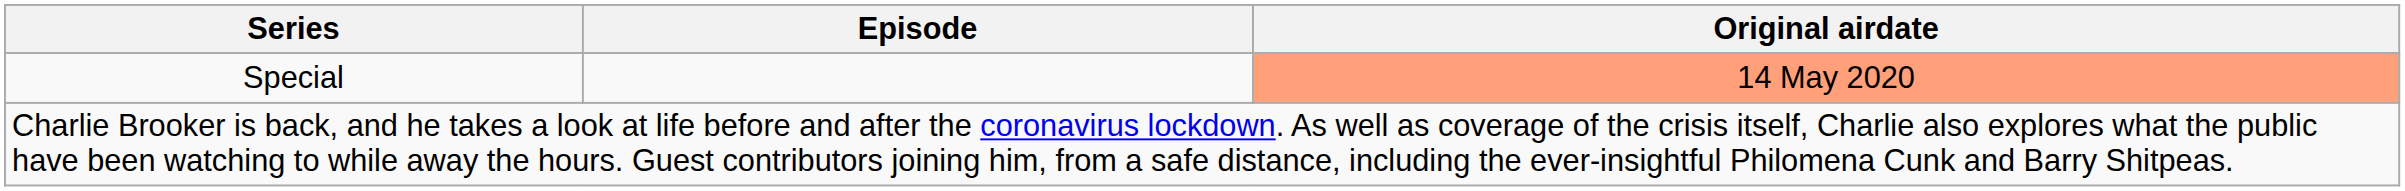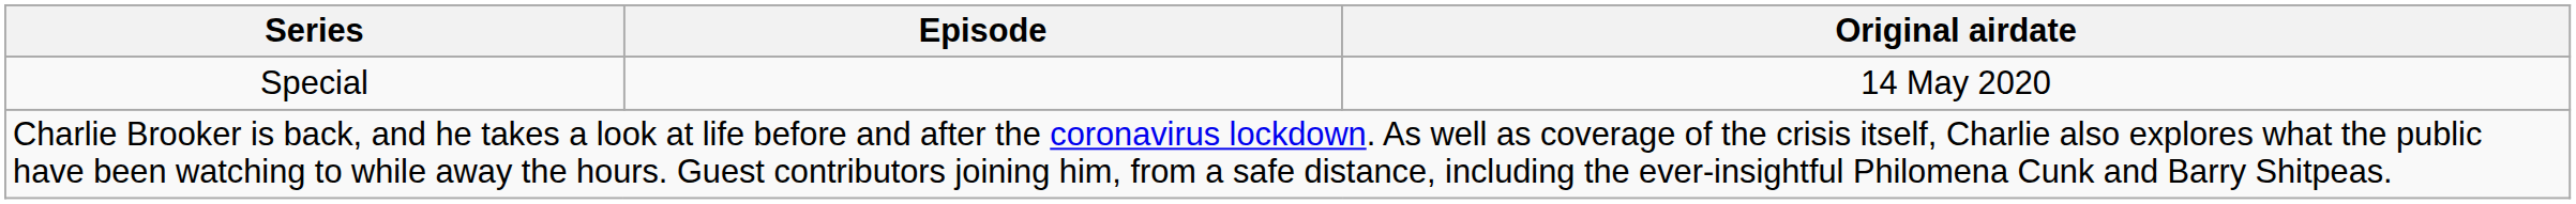 <table class="wikitable" style="text-align:center">
 <tr>
 <th>Series</th>
 <th>Episode</th>
 <th>Original airdate</th>
 </tr>
 <tr>
 <td>Special</td>
 <td></td>
-<td style="background: lightsalmon;">14 May 2020</td>
+<td>14 May 2020</td>
 </tr>
 <tr>
 <td colspan="3" align="left">Charlie Brooker is back, and he takes a look at life before and after the <a href='#'>coronavirus lockdown</a>. As well as coverage of the crisis itself, Charlie also explores what the public have been watching to while away the hours. Guest contributors joining him, from a safe distance, including the ever-insightful Philomena Cunk and Barry Shitpeas.</td>
 </tr>
 </table>
